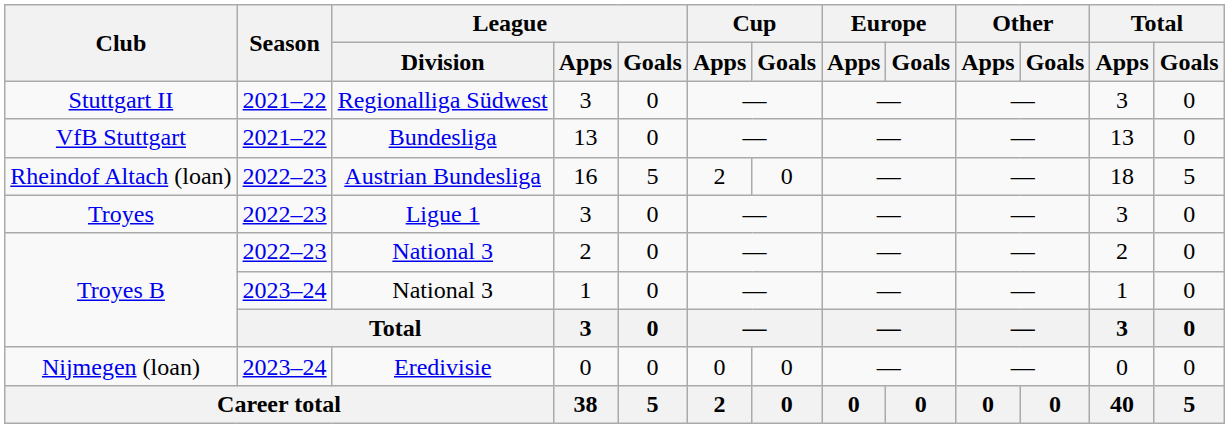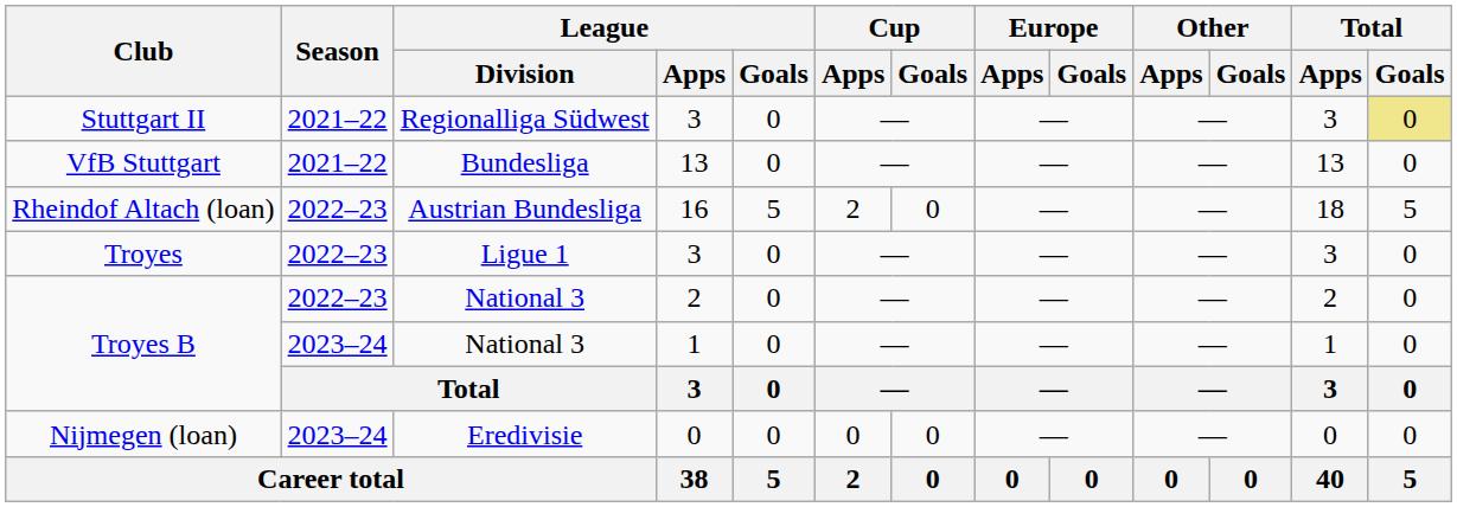 <table class="wikitable" style="text-align: center">
 <tr>
 <th rowspan="2">Club</th>
 <th rowspan="2">Season</th>
 <th colspan="3">League</th>
 <th colspan="2">Cup</th>
 <th colspan="2">Europe</th>
 <th colspan="2">Other</th>
 <th colspan="2">Total</th>
 </tr>
 <tr>
 <th>Division</th>
 <th>Apps</th>
 <th>Goals</th>
 <th>Apps</th>
 <th>Goals</th>
 <th>Apps</th>
 <th>Goals</th>
 <th>Apps</th>
 <th>Goals</th>
 <th>Apps</th>
 <th>Goals</th>
 </tr>
 <tr>
 <td><a href='#'>Stuttgart II</a></td>
 <td><a href='#'>2021–22</a></td>
 <td><a href='#'>Regionalliga Südwest</a></td>
 <td>3</td>
 <td>0</td>
 <td colspan="2">—</td>
 <td colspan="2">—</td>
 <td colspan="2">—</td>
 <td>3</td>
-<td>0</td>
+<td style="background: khaki;">0</td>
 </tr>
 <tr>
 <td><a href='#'>VfB Stuttgart</a></td>
 <td><a href='#'>2021–22</a></td>
 <td><a href='#'>Bundesliga</a></td>
 <td>13</td>
 <td>0</td>
 <td colspan="2">—</td>
 <td colspan="2">—</td>
 <td colspan="2">—</td>
 <td>13</td>
 <td>0</td>
 </tr>
 <tr>
 <td><a href='#'>Rheindof Altach</a> (loan)</td>
 <td><a href='#'>2022–23</a></td>
 <td><a href='#'>Austrian Bundesliga</a></td>
 <td>16</td>
 <td>5</td>
 <td>2</td>
 <td>0</td>
 <td colspan="2">—</td>
 <td colspan="2">—</td>
 <td>18</td>
 <td>5</td>
 </tr>
 <tr>
 <td><a href='#'>Troyes</a></td>
 <td><a href='#'>2022–23</a></td>
 <td><a href='#'>Ligue 1</a></td>
 <td>3</td>
 <td>0</td>
 <td colspan="2">—</td>
 <td colspan="2">—</td>
 <td colspan="2">—</td>
 <td>3</td>
 <td>0</td>
 </tr>
 <tr>
 <td rowspan="3"><a href='#'>Troyes B</a></td>
 <td><a href='#'>2022–23</a></td>
 <td><a href='#'>National 3</a></td>
 <td>2</td>
 <td>0</td>
 <td colspan="2">—</td>
 <td colspan="2">—</td>
 <td colspan="2">—</td>
 <td>2</td>
 <td>0</td>
 </tr>
 <tr>
 <td><a href='#'>2023–24</a></td>
 <td>National 3</td>
 <td>1</td>
 <td>0</td>
 <td colspan="2">—</td>
 <td colspan="2">—</td>
 <td colspan="2">—</td>
 <td>1</td>
 <td>0</td>
 </tr>
 <tr>
 <th colspan="2">Total</th>
 <th>3</th>
 <th>0</th>
 <th colspan="2">—</th>
 <th colspan="2">—</th>
 <th colspan="2">—</th>
 <th>3</th>
 <th>0</th>
 </tr>
 <tr>
 <td><a href='#'>Nijmegen</a> (loan)</td>
 <td><a href='#'>2023–24</a></td>
 <td><a href='#'>Eredivisie</a></td>
 <td>0</td>
 <td>0</td>
 <td>0</td>
 <td>0</td>
 <td colspan="2">—</td>
 <td colspan="2">—</td>
 <td>0</td>
 <td>0</td>
 </tr>
 <tr>
 <th colspan="3">Career total</th>
 <th>38</th>
 <th>5</th>
 <th>2</th>
 <th>0</th>
 <th>0</th>
 <th>0</th>
 <th>0</th>
 <th>0</th>
 <th>40</th>
 <th>5</th>
 </tr>
 </table>
